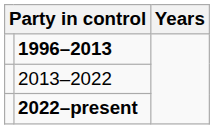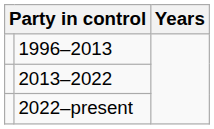 <table class="wikitable">
 <tr>
 <th colspan="2">Party in control</th>
 <th>Years</th>
 </tr>
 <tr>
 <td></td>
-<td><strong>1996–2013</strong></td>
+<td>1996–2013</td>
 </tr>
 <tr>
 <td></td>
 <td>2013–2022</td>
 </tr>
 <tr>
 <td></td>
-<td><strong>2022–present</strong></td>
+<td>2022–present</td>
 </tr>
 </table>
